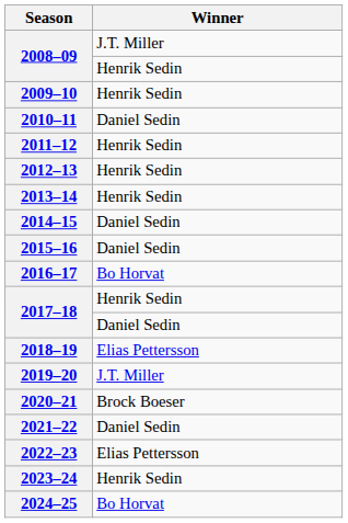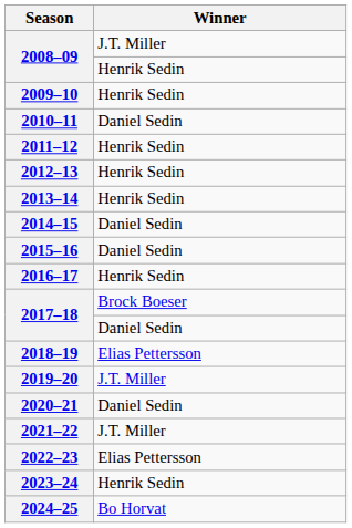 <table class="wikitable">
 <tr>
 <th scope="col" style="width:5em">Season</th>
 <th scope="col" style="width:15em">Winner</th>
 </tr>
 <tr>
 <th scope="row" rowspan="2"><a href='#'>2008–09</a></th>
 <td>J.T. Miller</td>
 </tr>
 <tr>
 <td>Henrik Sedin</td>
 </tr>
 <tr>
 <th scope="row"><a href='#'>2009–10</a></th>
 <td>Henrik Sedin</td>
 </tr>
 <tr>
 <th scope="row"><a href='#'>2010–11</a></th>
 <td>Daniel Sedin</td>
 </tr>
 <tr>
 <th scope="row"><a href='#'>2011–12</a></th>
 <td>Henrik Sedin</td>
 </tr>
 <tr>
 <th scope="row"><a href='#'>2012–13</a></th>
 <td>Henrik Sedin</td>
 </tr>
 <tr>
 <th scope="row"><a href='#'>2013–14</a></th>
 <td>Henrik Sedin</td>
 </tr>
 <tr>
 <th scope="row"><a href='#'>2014–15</a></th>
 <td>Daniel Sedin</td>
 </tr>
 <tr>
 <th scope="row"><a href='#'>2015–16</a></th>
 <td>Daniel Sedin</td>
 </tr>
 <tr>
 <th scope="row"><a href='#'>2016–17</a></th>
-<td><a href='#'>Bo Horvat</a></td>
+<td>Henrik Sedin</td>
 </tr>
 <tr>
 <th scope="row" rowspan="2"><a href='#'>2017–18</a></th>
-<td>Henrik Sedin</td>
+<td><a href='#'>Brock Boeser</a></td>
 </tr>
 <tr>
 <td>Daniel Sedin</td>
 </tr>
 <tr>
 <th scope="row"><a href='#'>2018–19</a></th>
 <td><a href='#'>Elias Pettersson</a></td>
 </tr>
 <tr>
 <th scope="row"><a href='#'>2019–20</a></th>
 <td><a href='#'>J.T. Miller</a></td>
 </tr>
 <tr>
 <th scope="row"><a href='#'>2020–21</a></th>
-<td>Brock Boeser</td>
+<td>Daniel Sedin</td>
 </tr>
 <tr>
 <th scope="row"><a href='#'>2021–22</a></th>
-<td>Daniel Sedin</td>
+<td>J.T. Miller</td>
 </tr>
 <tr>
 <th scope="row"><a href='#'>2022–23</a></th>
 <td>Elias Pettersson</td>
 </tr>
 <tr>
 <th scope="row"><a href='#'>2023–24</a></th>
 <td>Henrik Sedin</td>
 </tr>
 <tr>
 <th scope="row"><a href='#'>2024–25</a></th>
 <td><a href='#'>Bo Horvat</a></td>
 </tr>
 </table>
